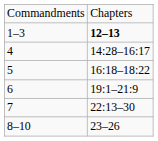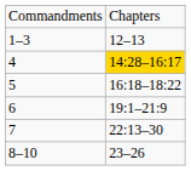 <table class="wikitable">
 <tr>
 <td>Commandments</td>
 <td>Chapters</td>
 </tr>
 <tr>
 <td>1–3</td>
-<td><strong>12–13</strong></td>
+<td>12–13</td>
 </tr>
 <tr>
 <td>4</td>
-<td>14:28–16:17</td>
+<td style="background: gold;">14:28–16:17</td>
 </tr>
 <tr>
 <td>5</td>
 <td>16:18–18:22</td>
 </tr>
 <tr>
 <td>6</td>
 <td>19:1–21:9</td>
 </tr>
 <tr>
 <td>7</td>
 <td>22:13–30</td>
 </tr>
 <tr>
 <td>8–10</td>
 <td>23–26</td>
 </tr>
 </table>
